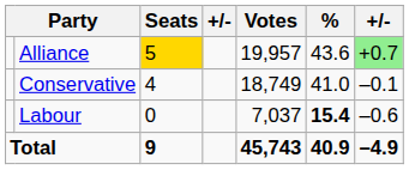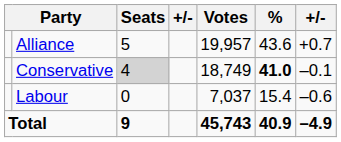 <table class="wikitable sortable">
 <tr>
 <th colspan="2">Party</th>
 <th>Seats</th>
 <th>+/-</th>
 <th>Votes</th>
 <th>%</th>
 <th>+/-</th>
 </tr>
 <tr>
 <td style="background-color: "></td>
 <td><a href='#'>Alliance</a></td>
-<td style="background: gold;">5</td>
+<td>5</td>
 <td></td>
 <td style="text-align:right;">19,957</td>
 <td style="text-align:right;">43.6</td>
-<td style="background: lightgreen; text-align:right;">+0.7</td>
+<td style="text-align:right;">+0.7</td>
 </tr>
 <tr>
 <td style="background-color: "></td>
 <td><a href='#'>Conservative</a></td>
-<td>4</td>
+<td style="background: lightgrey;">4</td>
 <td></td>
 <td style="text-align:right;">18,749</td>
-<td style="text-align:right;">41.0</td>
+<td style="text-align:right;"><strong>41.0</strong></td>
 <td style="text-align:right;">–0.1</td>
 </tr>
 <tr>
 <td style="background-color: "></td>
 <td><a href='#'>Labour</a></td>
 <td>0</td>
 <td></td>
 <td style="text-align:right;">7,037</td>
-<td style="text-align:right;"><strong>15.4</strong></td>
+<td style="text-align:right;">15.4</td>
 <td style="text-align:right;">–0.6</td>
 </tr>
 <tr>
 <td colspan="2"><strong>Total</strong></td>
 <td><strong>9</strong></td>
 <td></td>
 <td style="text-align:right;"><strong>45,743</strong></td>
 <td style="text-align:right;"><strong>40.9</strong></td>
 <td style="text-align:right;"><strong>–4.9</strong></td>
 </tr>
 </table>
